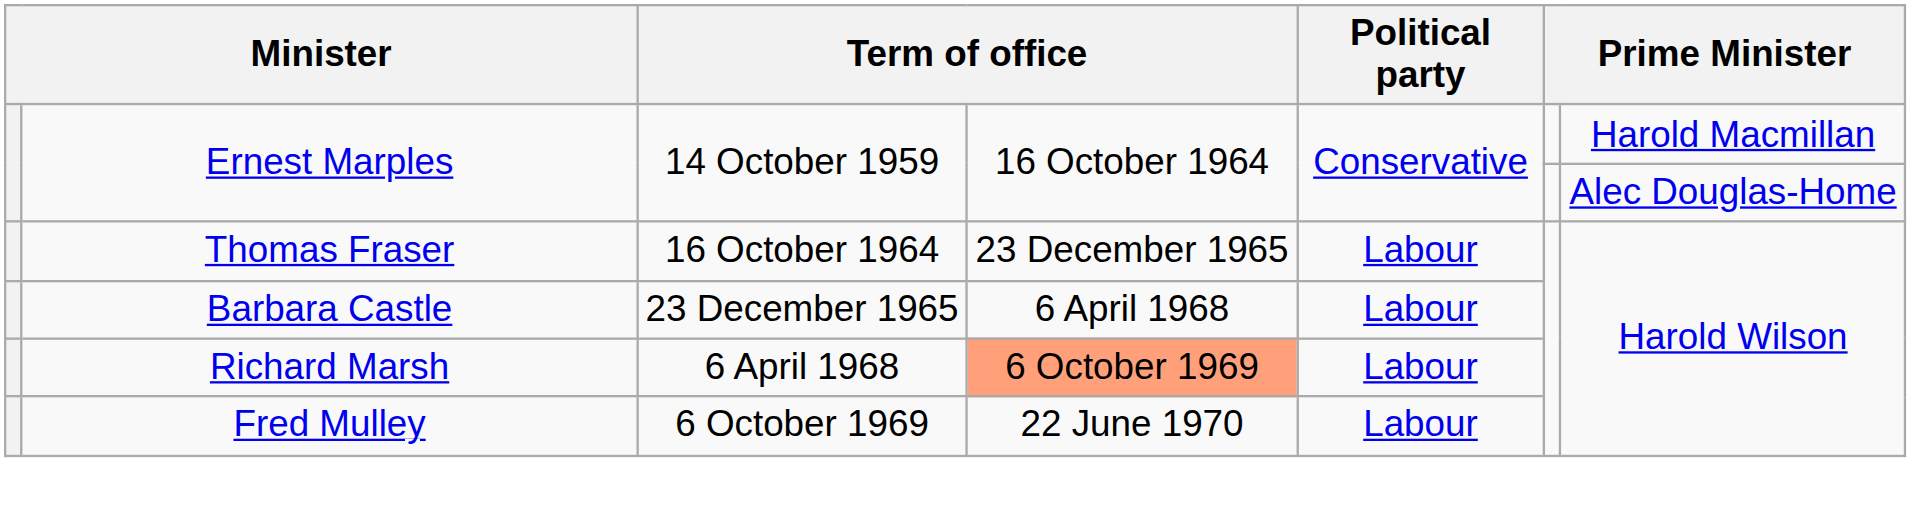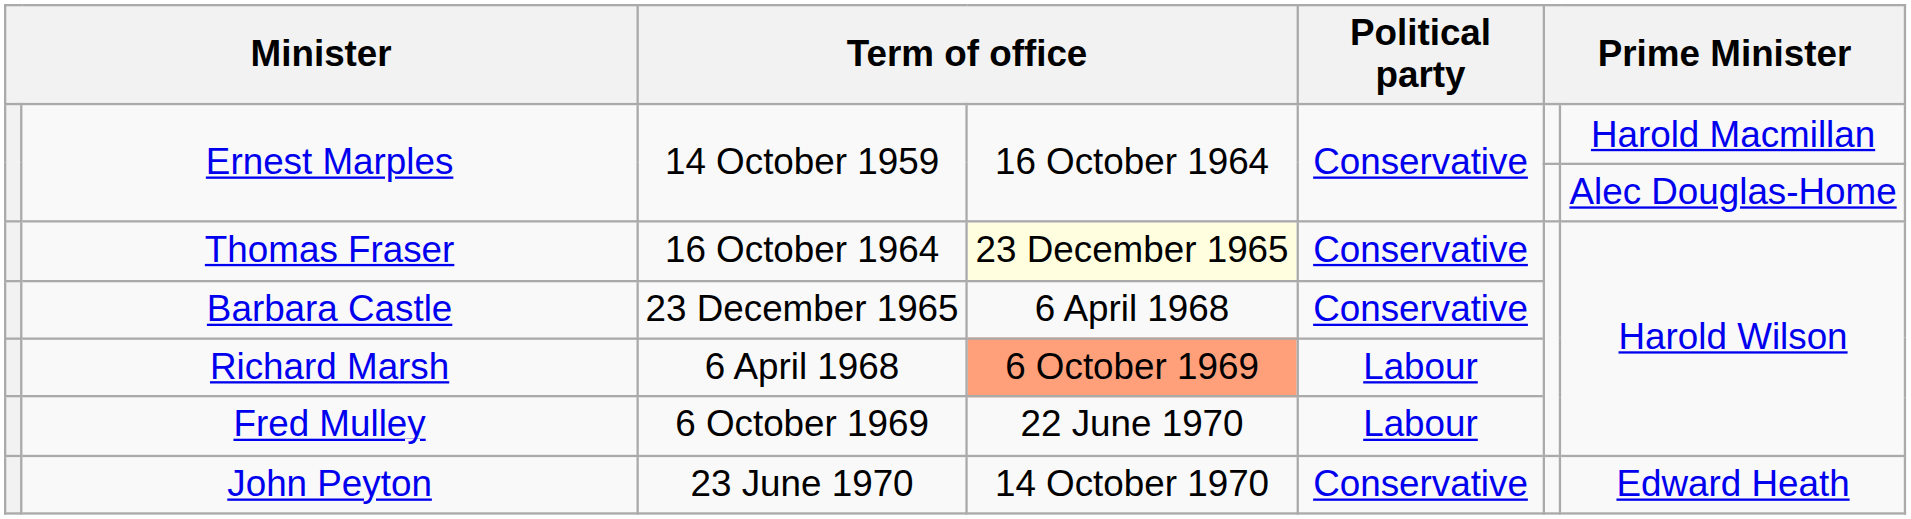 <table class="wikitable" style="text-align:center">
 <tr>
 <th colspan=2>Minister</th>
 <th colspan=2 width=240>Term of office</th>
 <th>Political party</th>
 <th colspan=2>Prime Minister</th>
 </tr>
 <tr style="height:1em">
 <th rowspan=2 style="background-color:"></th>
 <td rowspan=2 width=260><a href='#'>Ernest Marples</a></td>
 <td rowspan=2>14 October 1959</td>
 <td rowspan=2>16 October 1964</td>
 <td rowspan=2 width=100><a href='#'>Conservative</a></td>
 <td style="background-color:"></td>
 <td><a href='#'>Harold Macmillan</a></td>
 </tr>
 <tr style="height:1em">
 <td style="background-color:"></td>
 <td><a href='#'>Alec Douglas-Home</a></td>
 </tr>
 <tr style="height:1em">
 <th style="background-color:"></th>
 <td><a href='#'>Thomas Fraser</a></td>
 <td>16 October 1964</td>
-<td>23 December 1965</td>
-<td><a href='#'>Labour</a></td>
+<td style="background: lightyellow;">23 December 1965</td>
+<td><a href='#'>Conservative</a></td>
 <td rowspan=4 style="background-color:"></td>
 <td rowspan=4><a href='#'>Harold Wilson</a></td>
 </tr>
 <tr style="height:1em">
 <th style="background-color:"></th>
 <td><a href='#'>Barbara Castle</a></td>
 <td>23 December 1965</td>
 <td>6 April 1968</td>
-<td><a href='#'>Labour</a></td>
+<td><a href='#'>Conservative</a></td>
 </tr>
 <tr style="height:1em">
 <th style="background-color:"></th>
 <td><a href='#'>Richard Marsh</a></td>
 <td>6 April 1968</td>
 <td style="background: lightsalmon;">6 October 1969</td>
 <td><a href='#'>Labour</a></td>
 </tr>
 <tr style="height:1em">
 <th style="background-color:"></th>
 <td><a href='#'>Fred Mulley</a></td>
 <td>6 October 1969</td>
 <td>22 June 1970</td>
 <td><a href='#'>Labour</a></td>
 </tr>
+<tr style="height:1em">
+<th style="background-color:"></th>
+<td><a href='#'>John Peyton</a></td>
+<td>23 June 1970</td>
+<td>14 October 1970</td>
+<td><a href='#'>Conservative</a></td>
+<td style="background-color:"></td>
+<td><a href='#'>Edward Heath</a></td>
+</tr>
 </table>
